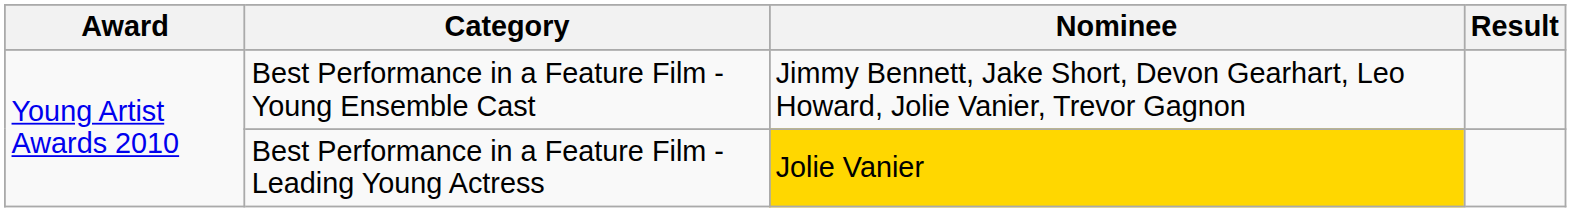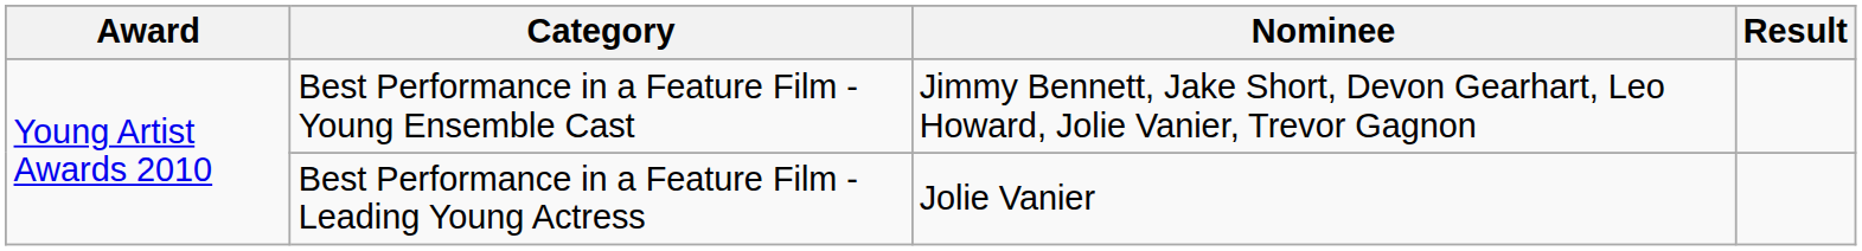 <table class="wikitable sortable">
 <tr>
 <th>Award</th>
 <th>Category</th>
 <th>Nominee</th>
 <th>Result</th>
 </tr>
 <tr>
 <td rowspan="2"><a href='#'>Young Artist Awards 2010</a></td>
 <td>Best Performance in a Feature Film - Young Ensemble Cast</td>
 <td>Jimmy Bennett, Jake Short, Devon Gearhart, Leo Howard, Jolie Vanier, Trevor Gagnon</td>
 <td></td>
 </tr>
 <tr>
 <td>Best Performance in a Feature Film - Leading Young Actress</td>
-<td style="background: gold;">Jolie Vanier</td>
+<td>Jolie Vanier</td>
 <td></td>
 </tr>
 </table>
